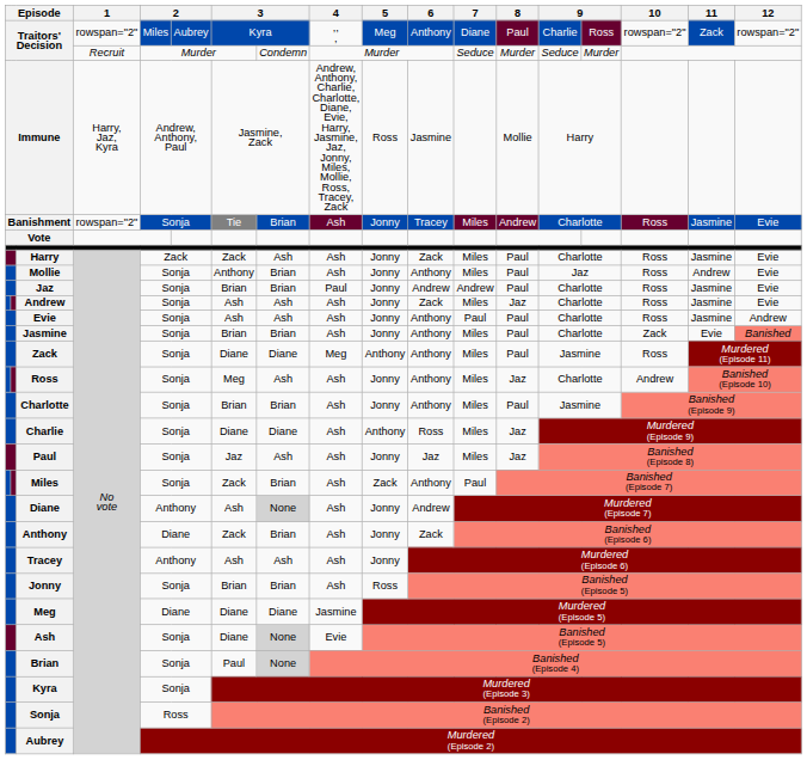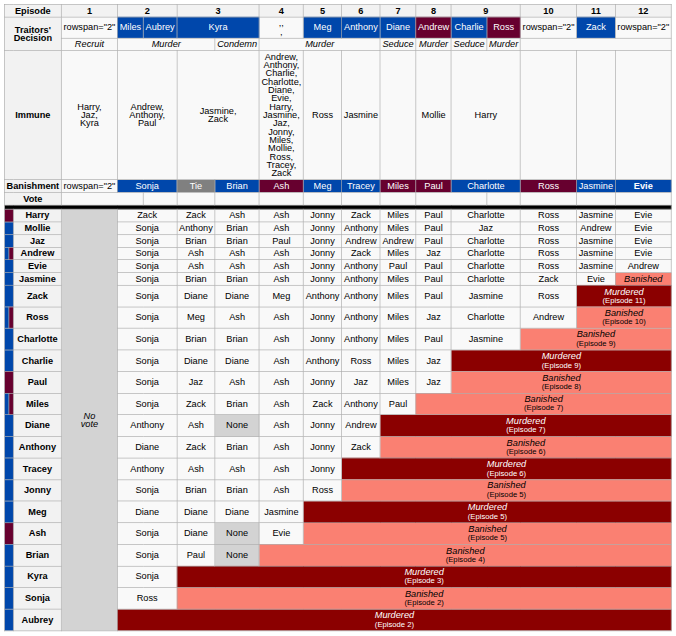 <table class="wikitable" style="text-align:center; width:70%; font-size:90%; line-height:13px">
 <tr>
 <th colspan="3">Episode</th>
 <th>1</th>
 <th colspan="2">2</th>
 <th colspan="2">3</th>
 <th>4</th>
 <th>5</th>
 <th>6</th>
 <th>7</th>
 <th>8</th>
 <th colspan="2">9</th>
 <th>10</th>
 <th>11</th>
 <th>12</th>
 </tr>
 <tr>
 <th colspan="3" rowspan="2">Traitors'<br>Decision</th>
 <td>rowspan="2" </td>
 <td bgcolor="#0047AB" style="color:#FFFFFF">Miles</td>
 <td bgcolor="#0047AB" style="color:#FFFFFF">Aubrey</td>
 <td bgcolor="#0047AB" style="color:#FFFFFF" colspan="2">Kyra</td>
 <td>,,<br>,</td>
 <td bgcolor="#0047AB" style="color:#FFFFFF">Meg</td>
 <td bgcolor="#0047AB" style="color:#FFFFFF">Anthony</td>
 <td bgcolor="#0047AB" style="color:#FFFFFF">Diane</td>
-<td bgcolor="#67002F" style="color:#FFFFFF">Paul</td>
+<td bgcolor="#67002F" style="color:#FFFFFF">Andrew</td>
 <td bgcolor="#0047AB" style="color:#FFFFFF">Charlie</td>
 <td bgcolor="#67002F" style="color:#FFFFFF">Ross</td>
 <td>rowspan="2" </td>
 <td bgcolor="#0047AB" style="color:#FFFFFF">Zack</td>
 <td>rowspan="2" </td>
 </tr>
 <tr>
 <td><em>Recruit</em></td>
 <td colspan="3"><em>Murder</em></td>
 <td><em>Condemn</em></td>
 <td colspan="3"><em>Murder</em></td>
 <td><em>Seduce</em></td>
 <td><em>Murder</em></td>
 <td><em>Seduce</em></td>
 <td><em>Murder</em></td>
 </tr>
 <tr>
 <th colspan="3">Immune</th>
 <td>Harry,<br>Jaz,<br>Kyra</td>
 <td colspan="2">Andrew,<br>Anthony,<br>Paul</td>
 <td colspan="2">Jasmine,<br>Zack</td>
 <td>Andrew,<br>Anthony,<br>Charlie,<br>Charlotte,<br>Diane,<br>Evie,<br>Harry,<br>Jasmine,<br>Jaz,<br>Jonny,<br>Miles,<br>Mollie,<br>Ross,<br>Tracey,<br>Zack</td>
 <td>Ross</td>
 <td>Jasmine</td>
 <td></td>
 <td>Mollie</td>
 <td colspan="2">Harry</td>
 <td></td>
 <td></td>
 <td></td>
 </tr>
 <tr>
 <th colspan="3">Banishment</th>
 <td>rowspan="2" </td>
 <td colspan="2" bgcolor="#0047AB" style="color:#FFFFFF">Sonja</td>
 <td bgcolor="grey" style="color:#FFFFFF">Tie</td>
 <td bgcolor="#0047AB" style="color:#FFFFFF">Brian</td>
 <td bgcolor="#67002F" style="color:#FFFFFF">Ash</td>
-<td bgcolor="#0047AB" style="color:#FFFFFF">Jonny</td>
+<td bgcolor="#0047AB" style="color:#FFFFFF">Meg</td>
 <td bgcolor="#0047AB" style="color:#FFFFFF">Tracey</td>
 <td bgcolor="#67002F" style="color:#FFFFFF">Miles</td>
-<td bgcolor="#67002F" style="color:#FFFFFF">Andrew</td>
+<td bgcolor="#67002F" style="color:#FFFFFF">Paul</td>
 <td colspan="2" bgcolor="#0047AB" style="color:#FFFFFF">Charlotte</td>
 <td bgcolor="#67002F" style="color:#FFFFFF">Ross</td>
 <td bgcolor="#0047AB" style="color:#FFFFFF">Jasmine</td>
-<td bgcolor="#0047AB" style="color:#FFFFFF">Evie</td>
+<td bgcolor="#0047AB" style="color:#FFFFFF"><strong>Evie</strong></td>
 </tr>
 <tr>
 <th colspan="3">Vote</th>
 <td colspan="2"></td>
 <td></td>
 <td> </td>
 <td> </td>
 <td></td>
 <td></td>
 <td></td>
 <td></td>
 <td colspan="2"></td>
 <td></td>
 <td></td>
 <td></td>
 </tr>
 <tr>
 <td colspan="23" bgcolor="#000000"></td>
 </tr>
 <tr>
 <td colspan="2" bgcolor="67002F"></td>
 <th>Harry</th>
 <td rowspan="22" bgcolor="lightgrey"><em>No<br>vote</em></td>
 <td colspan="2">Zack</td>
 <td>Zack</td>
 <td>Ash</td>
 <td>Ash</td>
 <td>Jonny</td>
 <td>Zack</td>
 <td>Miles</td>
 <td>Paul</td>
 <td colspan="2">Charlotte</td>
 <td>Ross</td>
 <td>Jasmine</td>
 <td>Evie</td>
 </tr>
 <tr>
 <td colspan="2" bgcolor="0047AB"></td>
 <th>Mollie</th>
 <td colspan="2">Sonja</td>
 <td>Anthony</td>
 <td>Brian</td>
 <td>Ash</td>
 <td>Jonny</td>
 <td>Anthony</td>
 <td>Miles</td>
 <td>Paul</td>
 <td colspan="2">Jaz</td>
 <td>Ross</td>
 <td>Andrew</td>
 <td>Evie</td>
 </tr>
 <tr>
 <td colspan="2" bgcolor="0047AB"></td>
 <th>Jaz</th>
 <td colspan="2">Sonja</td>
 <td>Brian</td>
 <td>Brian</td>
 <td>Paul</td>
 <td>Jonny</td>
 <td>Andrew</td>
 <td>Andrew</td>
 <td>Paul</td>
 <td colspan="2">Charlotte</td>
 <td>Ross</td>
 <td>Jasmine</td>
 <td>Evie</td>
 </tr>
 <tr>
 <td bgcolor="0047AB"></td>
 <td bgcolor="67002F"></td>
 <th>Andrew</th>
 <td colspan="2">Sonja</td>
 <td>Ash</td>
 <td>Ash</td>
 <td>Ash</td>
 <td>Jonny</td>
 <td>Zack</td>
 <td>Miles</td>
 <td>Jaz</td>
 <td colspan="2">Charlotte</td>
 <td>Ross</td>
 <td>Jasmine</td>
 <td>Evie</td>
 </tr>
 <tr>
 <td colspan="2" bgcolor="0047AB"></td>
 <th>Evie</th>
 <td colspan="2">Sonja</td>
 <td>Ash</td>
 <td>Ash</td>
 <td>Ash</td>
 <td>Jonny</td>
 <td>Anthony</td>
 <td>Paul</td>
 <td>Paul</td>
 <td colspan="2">Charlotte</td>
 <td>Ross</td>
 <td>Jasmine</td>
 <td>Andrew</td>
 </tr>
 <tr>
 <td colspan="2" bgcolor="0047AB"></td>
 <th>Jasmine</th>
 <td colspan="2">Sonja</td>
 <td>Brian</td>
 <td>Brian</td>
 <td>Ash</td>
 <td>Jonny</td>
 <td>Anthony</td>
 <td>Miles</td>
 <td>Paul</td>
 <td colspan="2">Charlotte</td>
 <td>Zack</td>
 <td>Evie</td>
 <td colspan="6" style="background:salmon"><em>Banished</em> <br><small></small></td>
 </tr>
 <tr>
 <td colspan="2" bgcolor="0047AB"></td>
 <th>Zack</th>
 <td colspan="2">Sonja</td>
 <td>Diane</td>
 <td>Diane</td>
 <td>Meg</td>
 <td>Anthony</td>
 <td>Anthony</td>
 <td>Miles</td>
 <td>Paul</td>
 <td colspan="2">Jasmine</td>
 <td>Ross</td>
 <td colspan="7" style="background:darkred; color:white"><em>Murdered</em> <br><small>(Episode 11)</small></td>
 </tr>
 <tr>
 <td bgcolor="0047AB"></td>
 <td bgcolor="67002F"></td>
 <th>Ross</th>
 <td colspan="2">Sonja</td>
 <td>Meg</td>
 <td>Ash</td>
 <td>Ash</td>
 <td>Jonny</td>
 <td>Anthony</td>
 <td>Miles</td>
 <td>Jaz</td>
 <td colspan="2">Charlotte</td>
 <td>Andrew</td>
 <td colspan="7" style="background:salmon"><em>Banished</em> <br><small>(Episode 10)</small></td>
 </tr>
 <tr>
 <td colspan="2" bgcolor="0047AB"></td>
 <th>Charlotte</th>
 <td colspan="2">Sonja</td>
 <td>Brian</td>
 <td>Brian</td>
 <td>Ash</td>
 <td>Jonny</td>
 <td>Anthony</td>
 <td>Miles</td>
 <td>Paul</td>
 <td colspan="2">Jasmine</td>
 <td colspan="8" style="background:salmon"><em>Banished</em> <br><small>(Episode 9)</small></td>
 </tr>
 <tr>
 <td colspan="2" bgcolor="0047AB"></td>
 <th>Charlie</th>
 <td colspan="2">Sonja</td>
 <td>Diane</td>
 <td>Diane</td>
 <td>Ash</td>
 <td>Anthony</td>
 <td>Ross</td>
 <td>Miles</td>
 <td>Jaz</td>
 <td colspan="10" style="background:darkred; color:white"><em>Murdered</em> <br><small>(Episode 9)</small></td>
 </tr>
 <tr>
 <td colspan="2" bgcolor="67002F"></td>
 <th>Paul</th>
 <td colspan="2">Sonja</td>
 <td>Jaz</td>
 <td>Ash</td>
 <td>Ash</td>
 <td>Jonny</td>
 <td>Jaz</td>
 <td>Miles</td>
 <td>Jaz</td>
 <td colspan="10" style="background:salmon"><em>Banished</em> <br><small>(Episode 8)</small></td>
 </tr>
 <tr>
 <td bgcolor="0047AB"></td>
 <td bgcolor="67002F"></td>
 <th>Miles</th>
 <td colspan="2">Sonja</td>
 <td>Zack</td>
 <td>Brian</td>
 <td>Ash</td>
 <td>Zack</td>
 <td>Anthony</td>
 <td>Paul</td>
 <td colspan="11" style="background:salmon"><em>Banished</em> <br><small>(Episode 7)</small></td>
 </tr>
 <tr>
 <td colspan="2" bgcolor="0047AB"></td>
 <th>Diane</th>
 <td colspan="2">Anthony</td>
 <td>Ash</td>
 <td bgcolor="lightgrey">None</td>
 <td>Ash</td>
 <td>Jonny</td>
 <td>Andrew</td>
 <td colspan="12" style="background:darkred; color:white"><em>Murdered</em> <br><small>(Episode 7)</small></td>
 </tr>
 <tr>
 <td colspan="2" bgcolor="0047AB"></td>
 <th>Anthony</th>
 <td colspan="2">Diane</td>
 <td>Zack</td>
 <td>Brian</td>
 <td>Ash</td>
 <td>Jonny</td>
 <td>Zack</td>
 <td colspan="12" style="background:salmon"><em>Banished</em> <br><small>(Episode 6)</small></td>
 </tr>
 <tr>
 <td colspan="2" bgcolor="0047AB"></td>
 <th>Tracey</th>
 <td colspan="2">Anthony</td>
 <td>Ash</td>
 <td>Ash</td>
 <td>Ash</td>
 <td>Jonny</td>
 <td colspan="13" style="background:darkred; color:white"><em>Murdered</em> <br><small>(Episode 6)</small></td>
 </tr>
 <tr>
 <td colspan="2" bgcolor="0047AB"></td>
 <th>Jonny</th>
 <td colspan="2">Sonja</td>
 <td>Brian</td>
 <td>Brian</td>
 <td>Ash</td>
 <td>Ross</td>
 <td colspan="13" style="background:salmon"><em>Banished</em> <br><small>(Episode 5)</small></td>
 </tr>
 <tr>
 <td colspan="2" bgcolor="0047AB"></td>
 <th>Meg</th>
 <td colspan="2">Diane</td>
 <td>Diane</td>
 <td>Diane</td>
 <td>Jasmine</td>
 <td colspan="14" style="background:darkred; color:white"><em>Murdered</em> <br><small>(Episode 5)</small></td>
 </tr>
 <tr>
 <td colspan="2" bgcolor="67002F"></td>
 <th>Ash</th>
 <td colspan="2">Sonja</td>
 <td>Diane</td>
 <td bgcolor="lightgrey">None</td>
 <td>Evie</td>
 <td colspan="14" style="background:salmon"><em>Banished</em> <br><small>(Episode 5)</small></td>
 </tr>
 <tr>
 <td colspan="2" bgcolor="0047AB"></td>
 <th>Brian</th>
 <td colspan="2">Sonja</td>
 <td>Paul</td>
 <td bgcolor="lightgrey">None</td>
 <td colspan="15" style="background:salmon"><em>Banished</em> <br><small>(Episode 4)</small></td>
 </tr>
 <tr>
 <td colspan="2" bgcolor="0047AB"></td>
 <th>Kyra</th>
 <td colspan="2">Sonja</td>
 <td colspan="17" style="background:darkred; color:white"><em>Murdered</em> <br><small>(Episode 3)</small></td>
 </tr>
 <tr>
 <td colspan="2" bgcolor="0047AB"></td>
 <th>Sonja</th>
 <td colspan="2">Ross</td>
 <td colspan="17" style="background:salmon"><em>Banished</em> <br><small>(Episode 2)</small></td>
 </tr>
 <tr>
 <td colspan="2" bgcolor="0047AB"></td>
 <th>Aubrey</th>
 <td colspan="19" style="background:darkred; color:white"><em>Murdered</em> <br><small>(Episode 2)</small></td>
 </tr>
 </table>
